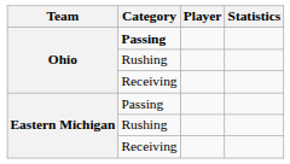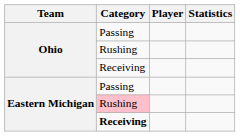 <table class="wikitable" style="float:right">
 <tr>
 <th>Team</th>
 <th>Category</th>
 <th>Player</th>
 <th>Statistics</th>
 </tr>
 <tr>
 <th rowspan=3>Ohio</th>
-<td><strong>Passing</strong></td>
+<td>Passing</td>
 <td></td>
 <td></td>
 </tr>
 <tr>
 <td>Rushing</td>
 <td></td>
 <td></td>
 </tr>
 <tr>
 <td>Receiving</td>
 <td></td>
 <td></td>
 </tr>
 <tr>
 <th rowspan=3>Eastern Michigan</th>
 <td>Passing</td>
 <td></td>
 <td></td>
 </tr>
 <tr>
-<td>Rushing</td>
+<td style="background: pink;">Rushing</td>
 <td></td>
 <td></td>
 </tr>
 <tr>
-<td>Receiving</td>
+<td><strong>Receiving</strong></td>
 <td></td>
 <td></td>
 </tr>
 </table>
